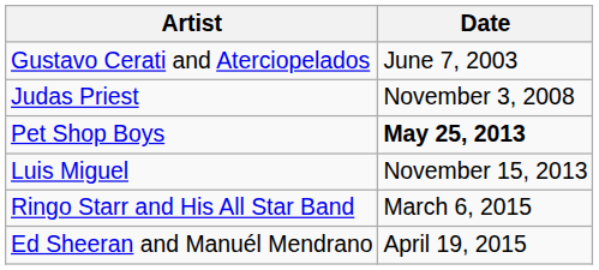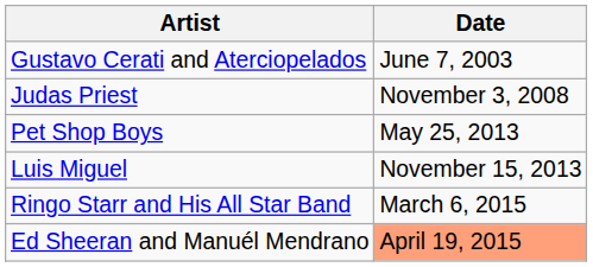 <table class="wikitable">
 <tr>
 <th>Artist</th>
 <th>Date</th>
 </tr>
 <tr>
 <td><a href='#'>Gustavo Cerati</a> and <a href='#'>Aterciopelados</a></td>
 <td>June 7, 2003</td>
 </tr>
 <tr>
 <td><a href='#'>Judas Priest</a></td>
 <td>November 3, 2008</td>
 </tr>
 <tr>
 <td><a href='#'>Pet Shop Boys</a></td>
-<td><strong>May 25, 2013</strong></td>
+<td>May 25, 2013</td>
 </tr>
 <tr>
 <td><a href='#'>Luis Miguel</a></td>
 <td>November 15, 2013</td>
 </tr>
 <tr>
 <td><a href='#'>Ringo Starr and His All Star Band</a></td>
 <td>March 6, 2015</td>
 </tr>
 <tr>
 <td><a href='#'>Ed Sheeran</a> and Manuél Mendrano</td>
-<td>April 19, 2015</td>
+<td style="background: lightsalmon;">April 19, 2015</td>
 </tr>
 </table>
